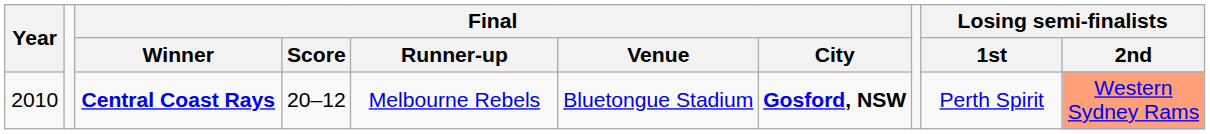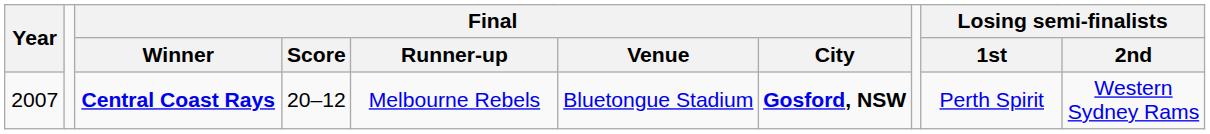 <table class="wikitable" style="font-size: %; text-align: center; width: %; cellspacing:0; border: 0; border-spacing:0; border-collapse: ;">
 <tr>
 <th rowspan=2 width=5%>Year</th>
 <td width=0% rowspan=3></td>
 <th colspan=5>Final</th>
 <td width=0% rowspan=3></td>
 <th colspan=2>Losing semi-finalists</th>
 </tr>
 <tr>
 <th width= 150px>Winner</th>
 <th width=  px>Score</th>
 <th width= 150px>Runner-up</th>
 <th width= px>Venue</th>
 <th width= px>City</th>
 <th width= 100px>1st</th>
 <th width= 100px>2nd</th>
 </tr>
 <tr>
-<td>2010</td>
+<td>2007</td>
 <td><strong><a href='#'>Central Coast Rays</a></strong></td>
 <td>20–12</td>
 <td><a href='#'>Melbourne Rebels</a></td>
 <td><a href='#'>Bluetongue Stadium</a></td>
 <td><strong><a href='#'>Gosford</a>, NSW</strong></td>
 <td><a href='#'>Perth Spirit</a></td>
-<td style="background: lightsalmon;"><a href='#'>Western Sydney Rams</a></td>
+<td><a href='#'>Western Sydney Rams</a></td>
 </tr>
 </table>
